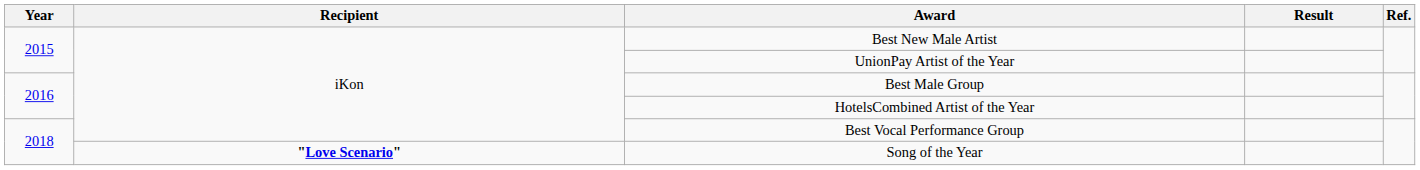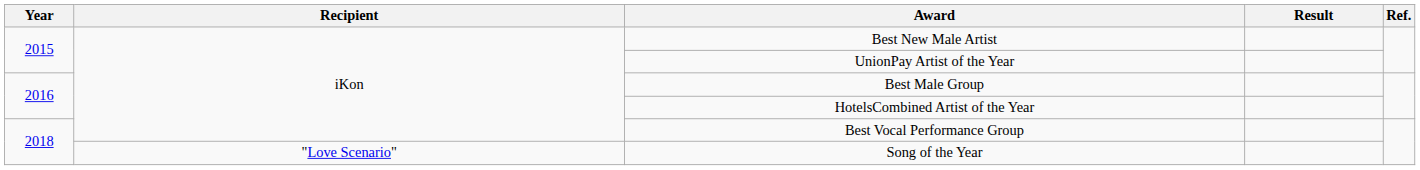 <table class="wikitable" style="text-align:center">
 <tr>
 <th width=5%>Year</th>
 <th style="width:40%;">Recipient</th>
 <th style="width:45%;">Award</th>
 <th style="width:10%;">Result</th>
 <th style="width:5%;">Ref.</th>
 </tr>
 <tr>
 <td rowspan="2"><a href='#'>2015</a></td>
 <td rowspan="5">iKon</td>
 <td>Best New Male Artist</td>
 <td></td>
 <td rowspan="2"></td>
 </tr>
 <tr>
 <td>UnionPay Artist of the Year</td>
 <td></td>
 </tr>
 <tr>
 <td rowspan="2"><a href='#'>2016</a></td>
 <td>Best Male Group</td>
 <td></td>
 <td rowspan="2"></td>
 </tr>
 <tr>
 <td>HotelsCombined Artist of the Year</td>
 <td></td>
 </tr>
 <tr>
 <td rowspan="2"><a href='#'>2018</a></td>
 <td>Best Vocal Performance Group</td>
 <td></td>
 <td rowspan="2"></td>
 </tr>
 <tr>
-<td><strong>"<a href='#'>Love Scenario</a>"</strong></td>
+<td>"<a href='#'>Love Scenario</a>"</td>
 <td>Song of the Year</td>
 <td></td>
 </tr>
 </table>
